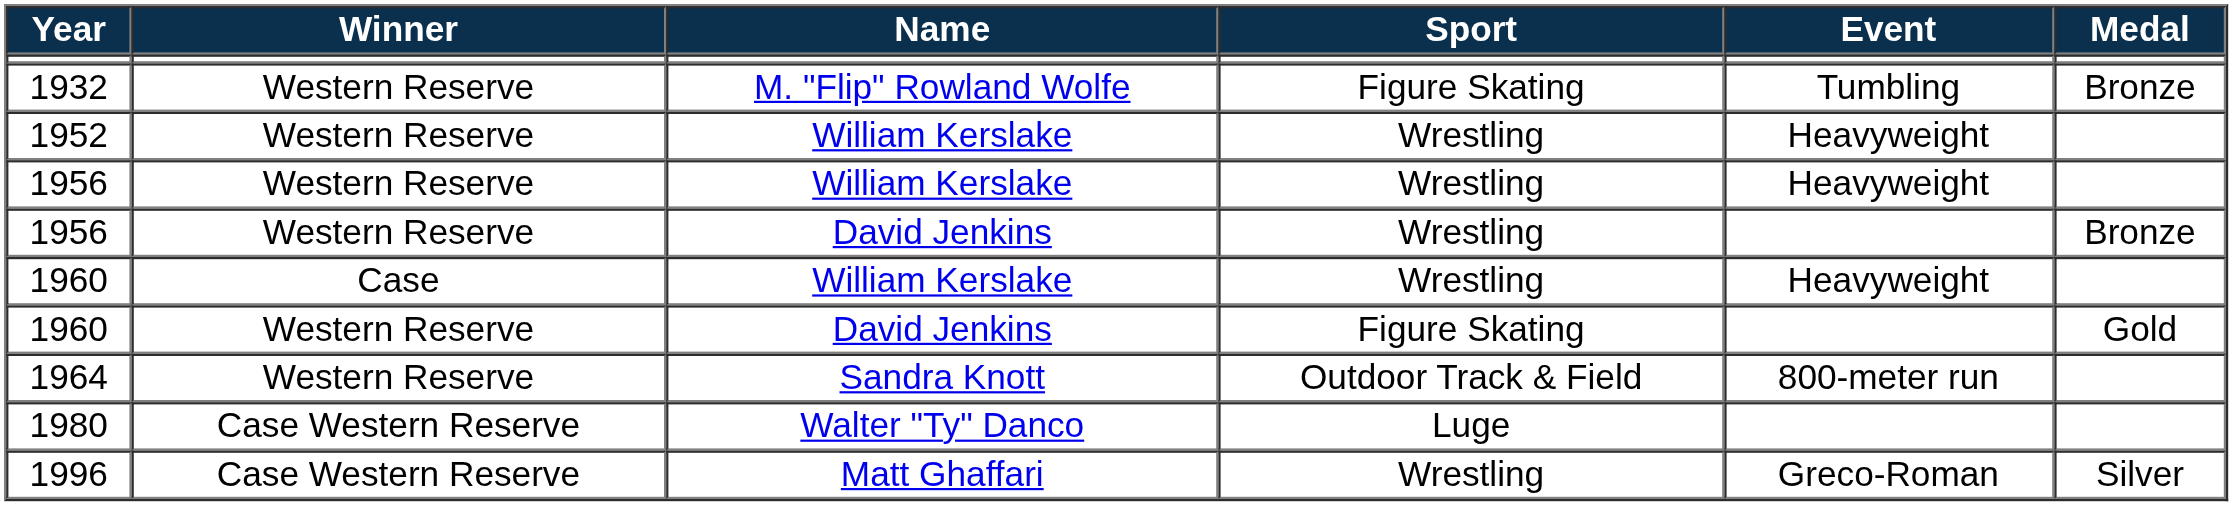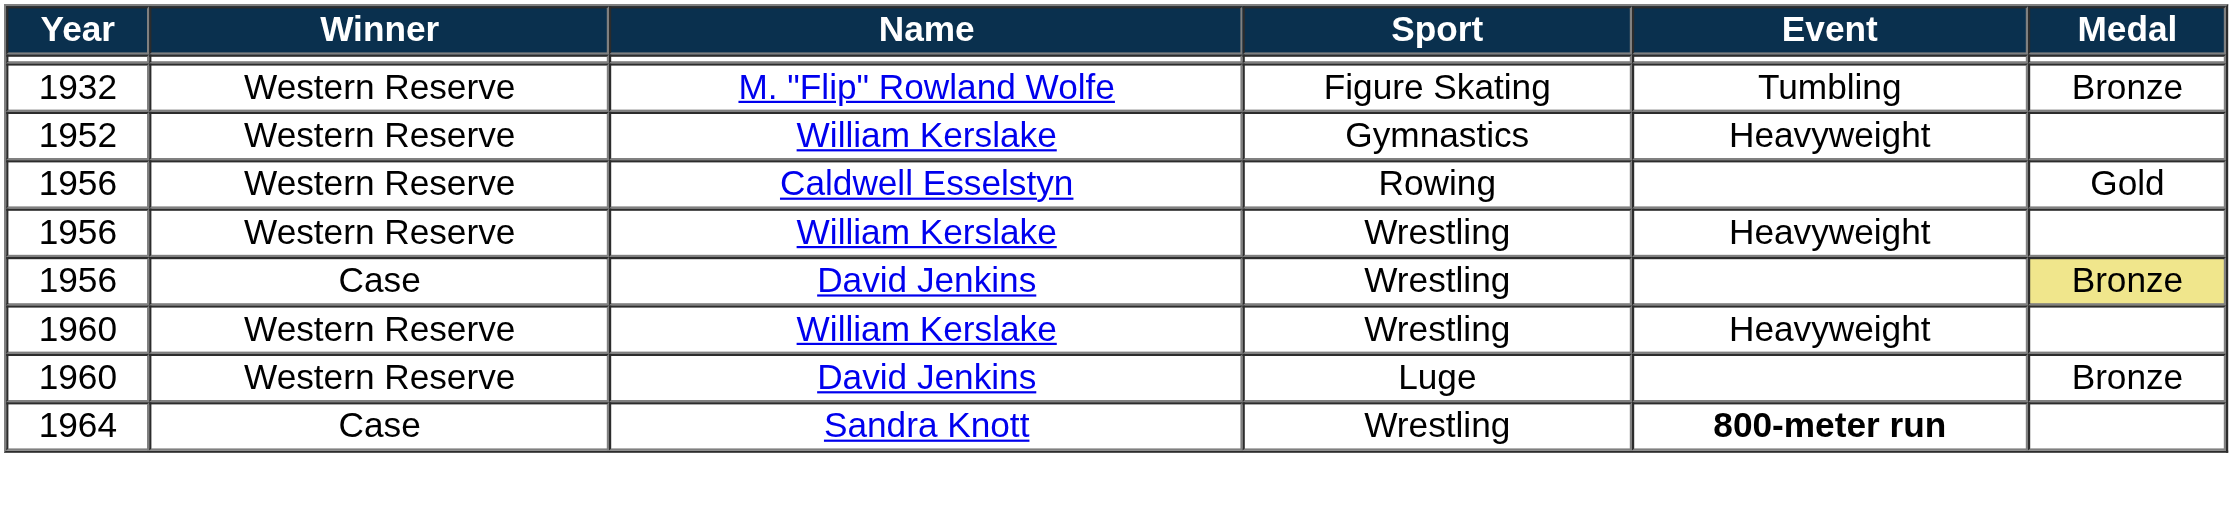 <table bcellpadding="1" border="1" cellspacing="0" style="width:80%;"valign="top">
 <tr>
 <th - style="background:#0A304E; color:white">Year</th>
 <th - style="background:#0A304E; color:white">Winner</th>
 <th - style="background:#0A304E; color:white">Name</th>
 <th - style="background:#0A304E; color:white">Sport</th>
 <th - style="background:#0A304E; color:white">Event</th>
 <th - style="background:#0A304E; color:white">Medal</th>
 </tr>
 <tr style="text-align:center;">
 <td></td>
 <td></td>
 <td></td>
 <td></td>
 <td></td>
 <td></td>
 </tr>
 <tr style="text-align:center;">
 <td>1932</td>
 <td>Western Reserve</td>
 <td><a href='#'>M. "Flip" Rowland Wolfe</a></td>
 <td>Figure Skating</td>
 <td>Tumbling</td>
 <td>Bronze</td>
 </tr>
 <tr style="text-align:center;">
 <td>1952</td>
 <td>Western Reserve</td>
 <td><a href='#'>William Kerslake</a></td>
-<td>Wrestling</td>
+<td>Gymnastics</td>
 <td>Heavyweight</td>
 <td></td>
+</tr>
+<tr style="text-align:center;">
+<td>1956</td>
+<td>Western Reserve</td>
+<td><a href='#'>Caldwell Esselstyn</a></td>
+<td>Rowing</td>
+<td></td>
+<td>Gold</td>
 </tr>
 <tr style="text-align:center;">
 <td>1956</td>
 <td>Western Reserve</td>
 <td><a href='#'>William Kerslake</a></td>
 <td>Wrestling</td>
 <td>Heavyweight</td>
 <td></td>
 </tr>
 <tr style="text-align:center;">
 <td>1956</td>
-<td>Western Reserve</td>
+<td>Case</td>
 <td><a href='#'>David Jenkins</a></td>
 <td>Wrestling</td>
 <td></td>
-<td>Bronze</td>
+<td style="background: khaki;">Bronze</td>
 </tr>
 <tr style="text-align:center;">
 <td>1960</td>
-<td>Case</td>
+<td>Western Reserve</td>
 <td><a href='#'>William Kerslake</a></td>
 <td>Wrestling</td>
 <td>Heavyweight</td>
 <td></td>
 </tr>
 <tr style="text-align:center;">
 <td>1960</td>
 <td>Western Reserve</td>
 <td><a href='#'>David Jenkins</a></td>
-<td>Figure Skating</td>
+<td>Luge</td>
 <td></td>
-<td>Gold</td>
+<td>Bronze</td>
 </tr>
 <tr style="text-align:center;">
 <td>1964</td>
-<td>Western Reserve</td>
+<td>Case</td>
 <td><a href='#'>Sandra Knott</a></td>
-<td>Outdoor Track & Field</td>
-<td>800-meter run</td>
+<td>Wrestling</td>
+<td><strong>800-meter run</strong></td>
 <td></td>
-</tr>
-<tr style="text-align:center;">
-<td>1980</td>
-<td>Case Western Reserve</td>
-<td><a href='#'>Walter "Ty" Danco</a></td>
-<td>Luge</td>
-<td></td>
-<td></td>
-</tr>
-<tr style="text-align:center;">
-<td>1996</td>
-<td>Case Western Reserve</td>
-<td><a href='#'>Matt Ghaffari</a></td>
-<td>Wrestling</td>
-<td>Greco-Roman</td>
-<td>Silver</td>
 </tr>
 <tr style="text-align:center;">
 </tr>
 </table>
